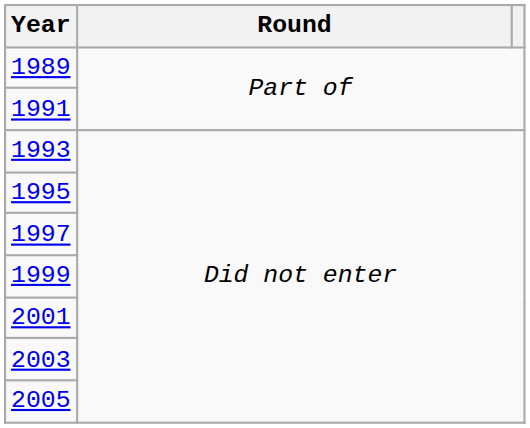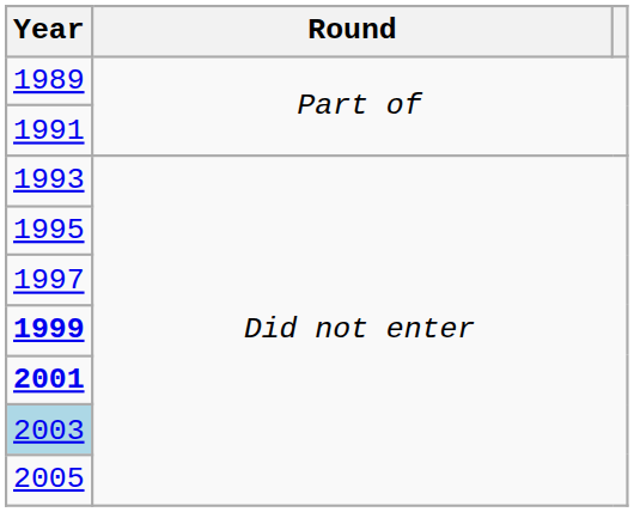 <table class="wikitable" style="text-align: center; font-size:90%">
 <tr>
 <th>Year</th>
 <th style="width:200px">Round</th>
 <th></th>
 </tr>
 <tr>
 <td><a href='#'>1989</a></td>
 <td colspan="2" rowspan="2"><em>Part of </em></td>
 </tr>
 <tr>
 <td><a href='#'>1991</a></td>
 </tr>
 <tr>
 <td><a href='#'>1993</a></td>
 <td colspan="2" rowspan="7"><em>Did not enter</em></td>
 </tr>
 <tr>
 <td><a href='#'>1995</a></td>
 </tr>
 <tr>
 <td><a href='#'>1997</a></td>
 </tr>
 <tr>
-<td><a href='#'>1999</a></td>
+<td><strong><a href='#'>1999</a></strong></td>
 </tr>
 <tr>
-<td><a href='#'>2001</a></td>
+<td><strong><a href='#'>2001</a></strong></td>
 </tr>
 <tr>
-<td><a href='#'>2003</a></td>
+<td style="background: lightblue;"><a href='#'>2003</a></td>
 </tr>
 <tr>
 <td><a href='#'>2005</a></td>
 </tr>
 </table>
